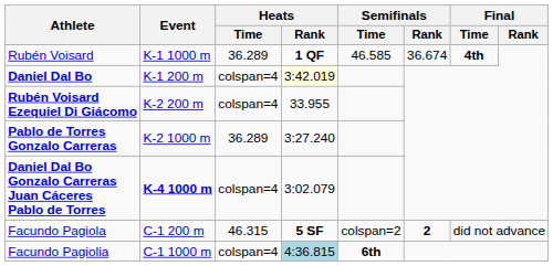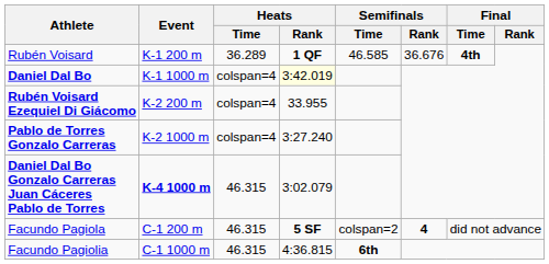 <table class=wikitable style="font-size:90%;">
 <tr>
 <th rowspan="2">Athlete</th>
 <th rowspan="2">Event</th>
 <th colspan=2>Heats</th>
 <th colspan=2>Semifinals</th>
 <th colspan=2>Final</th>
 </tr>
 <tr style="font-size:95%">
 <th>Time</th>
 <th>Rank</th>
 <th>Time</th>
 <th>Rank</th>
 <th>Time</th>
 <th>Rank</th>
 </tr>
 <tr align=center>
 <td align=left><a href='#'>Rubén Voisard</a></td>
-<td align=left><a href='#'>K-1 1000 m</a></td>
+<td align=left><a href='#'>K-1 200 m</a></td>
 <td>36.289</td>
 <td><strong>1</strong> <strong>QF</strong></td>
 <td>46.585</td>
-<td>36.674</td>
+<td>36.676</td>
 <td><strong>4th</strong></td>
 </tr>
 <tr align=center>
 <td align=left><strong><a href='#'>Daniel Dal Bo</a></strong></td>
-<td align=left><a href='#'>K-1 200 m</a></td>
+<td align=left><a href='#'>K-1 1000 m</a></td>
 <td>colspan=4 </td>
 <td style="background: lightyellow;">3:42.019</td>
 <td></td>
 </tr>
 <tr align=center>
 <td align=left><strong><a href='#'>Rubén Voisard</a></strong><br><strong><a href='#'>Ezequiel Di Giácomo</a></strong></td>
 <td align=left><a href='#'>K-2 200 m</a></td>
 <td>colspan=4 </td>
 <td>33.955</td>
 <td></td>
 </tr>
 <tr align=center>
 <td align=left><strong><a href='#'>Pablo de Torres</a></strong><br><strong><a href='#'>Gonzalo Carreras</a></strong></td>
 <td align=left><a href='#'>K-2 1000 m</a></td>
-<td>36.289</td>
+<td>colspan=4 </td>
 <td>3:27.240</td>
 <td></td>
 </tr>
 <tr align=center>
 <td align=left><strong><a href='#'>Daniel Dal Bo</a></strong><br><strong><a href='#'>Gonzalo Carreras</a></strong><br><strong><a href='#'>Juan Cáceres</a></strong><br><strong><a href='#'>Pablo de Torres</a></strong></td>
 <td align=left><strong><a href='#'>K-4 1000 m</a></strong></td>
-<td>colspan=4 </td>
+<td>46.315</td>
 <td>3:02.079</td>
 <td align=center></td>
 </tr>
 <tr align=center>
 <td align=left><a href='#'>Facundo Pagiola</a></td>
 <td align=left><a href='#'>C-1 200 m</a></td>
 <td>46.315</td>
 <td><strong>5</strong> <strong>SF</strong></td>
 <td>colspan=2 </td>
-<td><strong>2</strong></td>
+<td><strong>4</strong></td>
 <td colspan=2>did not advance</td>
 </tr>
 <tr align=center>
 <td align=left><a href='#'>Facundo Pagiolia</a></td>
 <td align=left><a href='#'>C-1 1000 m</a></td>
-<td>colspan=4 </td>
-<td style="background: lightblue;">4:36.815</td>
+<td>46.315</td>
+<td>4:36.815</td>
 <td><strong>6th</strong></td>
 </tr>
 </table>
